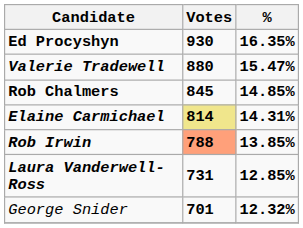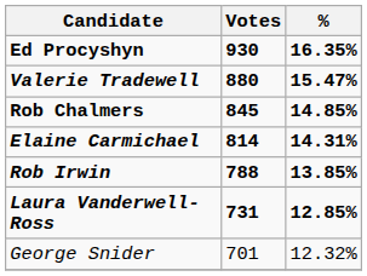 <table class="wikitable" style="width:250px">
 <tr>
 <th>Candidate</th>
 <th>Votes</th>
 <th>%</th>
 </tr>
 <tr>
 <td><strong>Ed Procyshyn</strong></td>
 <td><strong>930</strong></td>
 <td><strong>16.35%</strong></td>
 </tr>
 <tr>
 <td><strong><em>Valerie Tradewell</em></strong></td>
 <td><strong>880</strong></td>
 <td><strong>15.47%</strong></td>
 </tr>
 <tr>
 <td><strong>Rob Chalmers</strong></td>
 <td><strong>845</strong></td>
 <td><strong>14.85%</strong></td>
 </tr>
 <tr>
 <td><strong><em>Elaine Carmichael</em></strong></td>
-<td style="background: khaki;"><strong>814</strong></td>
+<td><strong>814</strong></td>
 <td><strong>14.31%</strong></td>
 </tr>
 <tr>
 <td><strong><em>Rob Irwin</em></strong></td>
-<td style="background: lightsalmon;"><strong>788</strong></td>
+<td><strong>788</strong></td>
 <td><strong>13.85%</strong></td>
 </tr>
 <tr>
 <td><strong><em>Laura Vanderwell-Ross</em></strong></td>
 <td><strong>731</strong></td>
 <td><strong>12.85%</strong></td>
 </tr>
 <tr>
 <td><em>George Snider</em></td>
-<td><strong>701</strong></td>
-<td><strong>12.32%</strong></td>
+<td>701</td>
+<td>12.32%</td>
 </tr>
 <tr>
 </tr>
 </table>
